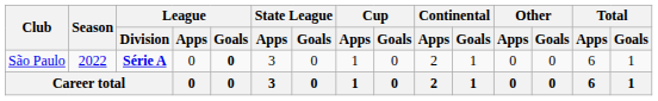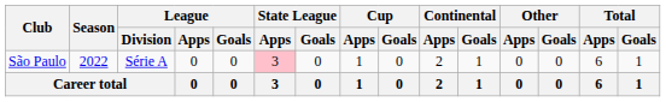 <table class="wikitable" style="text-align: center">
 <tr>
 <th rowspan="2">Club</th>
 <th rowspan="2">Season</th>
 <th colspan="3">League</th>
 <th colspan="2">State League</th>
 <th colspan="2">Cup</th>
 <th colspan="2">Continental</th>
 <th colspan="2">Other</th>
 <th colspan="2">Total</th>
 </tr>
 <tr>
 <th>Division</th>
 <th>Apps</th>
 <th>Goals</th>
 <th>Apps</th>
 <th>Goals</th>
 <th>Apps</th>
 <th>Goals</th>
 <th>Apps</th>
 <th>Goals</th>
 <th>Apps</th>
 <th>Goals</th>
 <th>Apps</th>
 <th>Goals</th>
 </tr>
 <tr>
 <td><a href='#'>São Paulo</a></td>
 <td><a href='#'>2022</a></td>
-<td><strong><a href='#'>Série A</a></strong></td>
+<td><a href='#'>Série A</a></td>
 <td>0</td>
-<td><strong>0</strong></td>
-<td>3</td>
+<td>0</td>
+<td style="background: pink;">3</td>
 <td>0</td>
 <td>1</td>
 <td>0</td>
 <td>2</td>
 <td>1</td>
 <td>0</td>
 <td>0</td>
 <td>6</td>
 <td>1</td>
 </tr>
 <tr>
 <th colspan="3"><strong>Career total</strong></th>
 <th>0</th>
 <th>0</th>
 <th>3</th>
 <th>0</th>
 <th>1</th>
 <th>0</th>
 <th>2</th>
 <th>1</th>
 <th>0</th>
 <th>0</th>
 <th>6</th>
 <th>1</th>
 </tr>
 </table>
